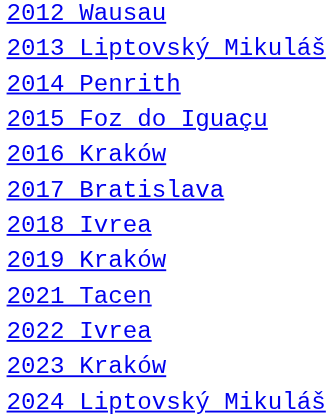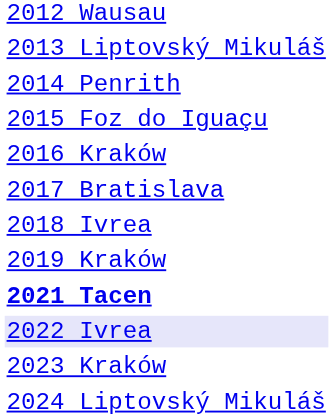 <table>
 <tr>
 <td><a href='#'>2012 Wausau</a></td>
 <td></td>
 <td></td>
 <td></td>
 </tr>
 <tr>
 <td><a href='#'>2013 Liptovský Mikuláš</a></td>
 <td></td>
 <td></td>
 <td></td>
 </tr>
 <tr>
 <td><a href='#'>2014 Penrith</a></td>
 <td></td>
 <td></td>
 <td></td>
 </tr>
 <tr>
 <td><a href='#'>2015 Foz do Iguaçu</a></td>
 <td></td>
 <td></td>
 <td></td>
 </tr>
 <tr>
 <td><a href='#'>2016 Kraków</a></td>
 <td></td>
 <td></td>
 <td></td>
 </tr>
 <tr>
 <td><a href='#'>2017 Bratislava</a></td>
 <td></td>
 <td></td>
 <td></td>
 </tr>
 <tr>
 <td><a href='#'>2018 Ivrea</a></td>
 <td></td>
 <td></td>
 <td></td>
 </tr>
 <tr>
 <td><a href='#'>2019 Kraków</a></td>
 <td></td>
 <td></td>
 <td></td>
 </tr>
 <tr>
-<td><a href='#'>2021 Tacen</a></td>
+<td><strong><a href='#'>2021 Tacen</a></strong></td>
 <td></td>
 <td></td>
 <td></td>
 </tr>
 <tr>
-<td><a href='#'>2022 Ivrea</a></td>
+<td style="background: lavender;"><a href='#'>2022 Ivrea</a></td>
 <td></td>
 <td></td>
 <td></td>
 </tr>
 <tr>
 <td><a href='#'>2023 Kraków</a></td>
 <td></td>
 <td></td>
 <td></td>
 </tr>
 <tr>
 <td><a href='#'>2024 Liptovský Mikuláš</a></td>
 <td></td>
 <td></td>
 <td></td>
 </tr>
 </table>
